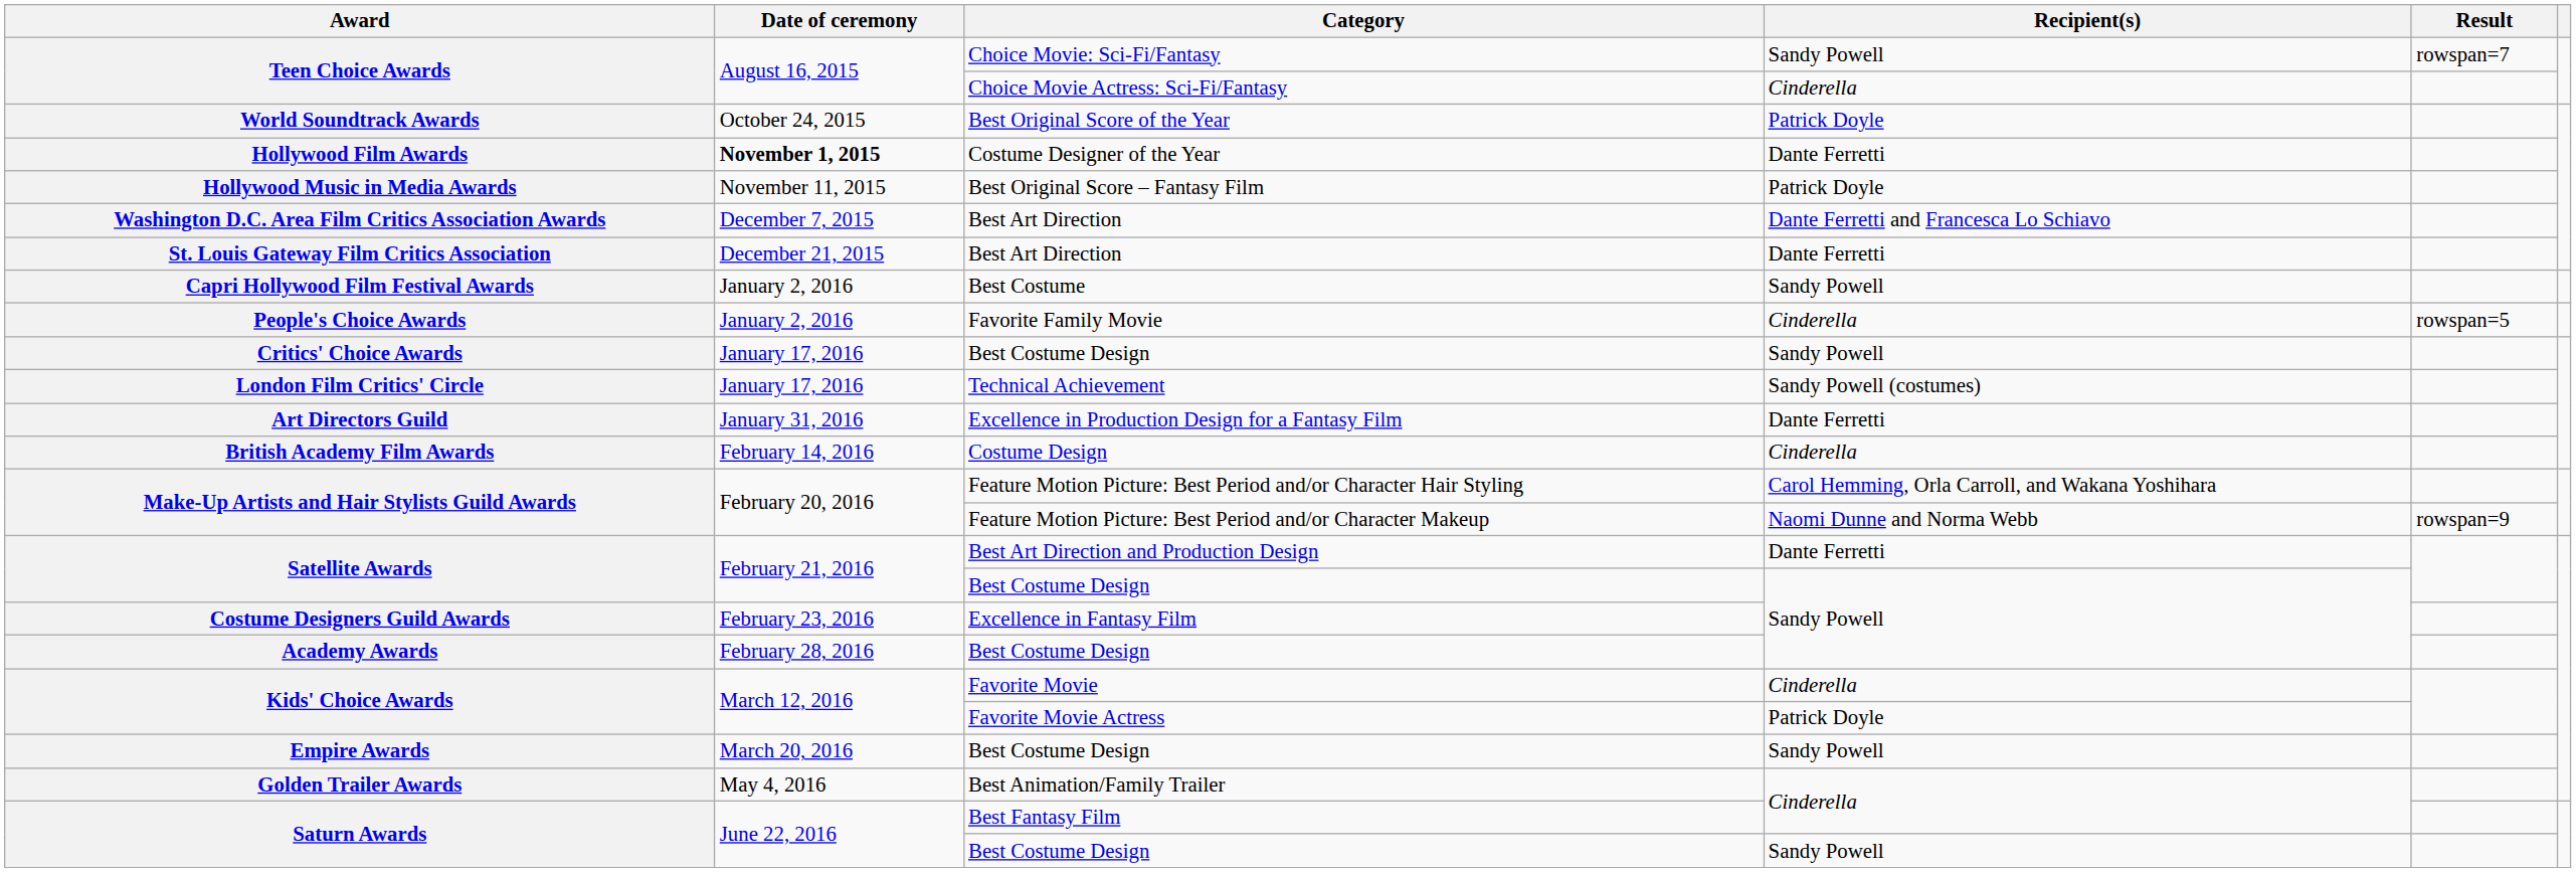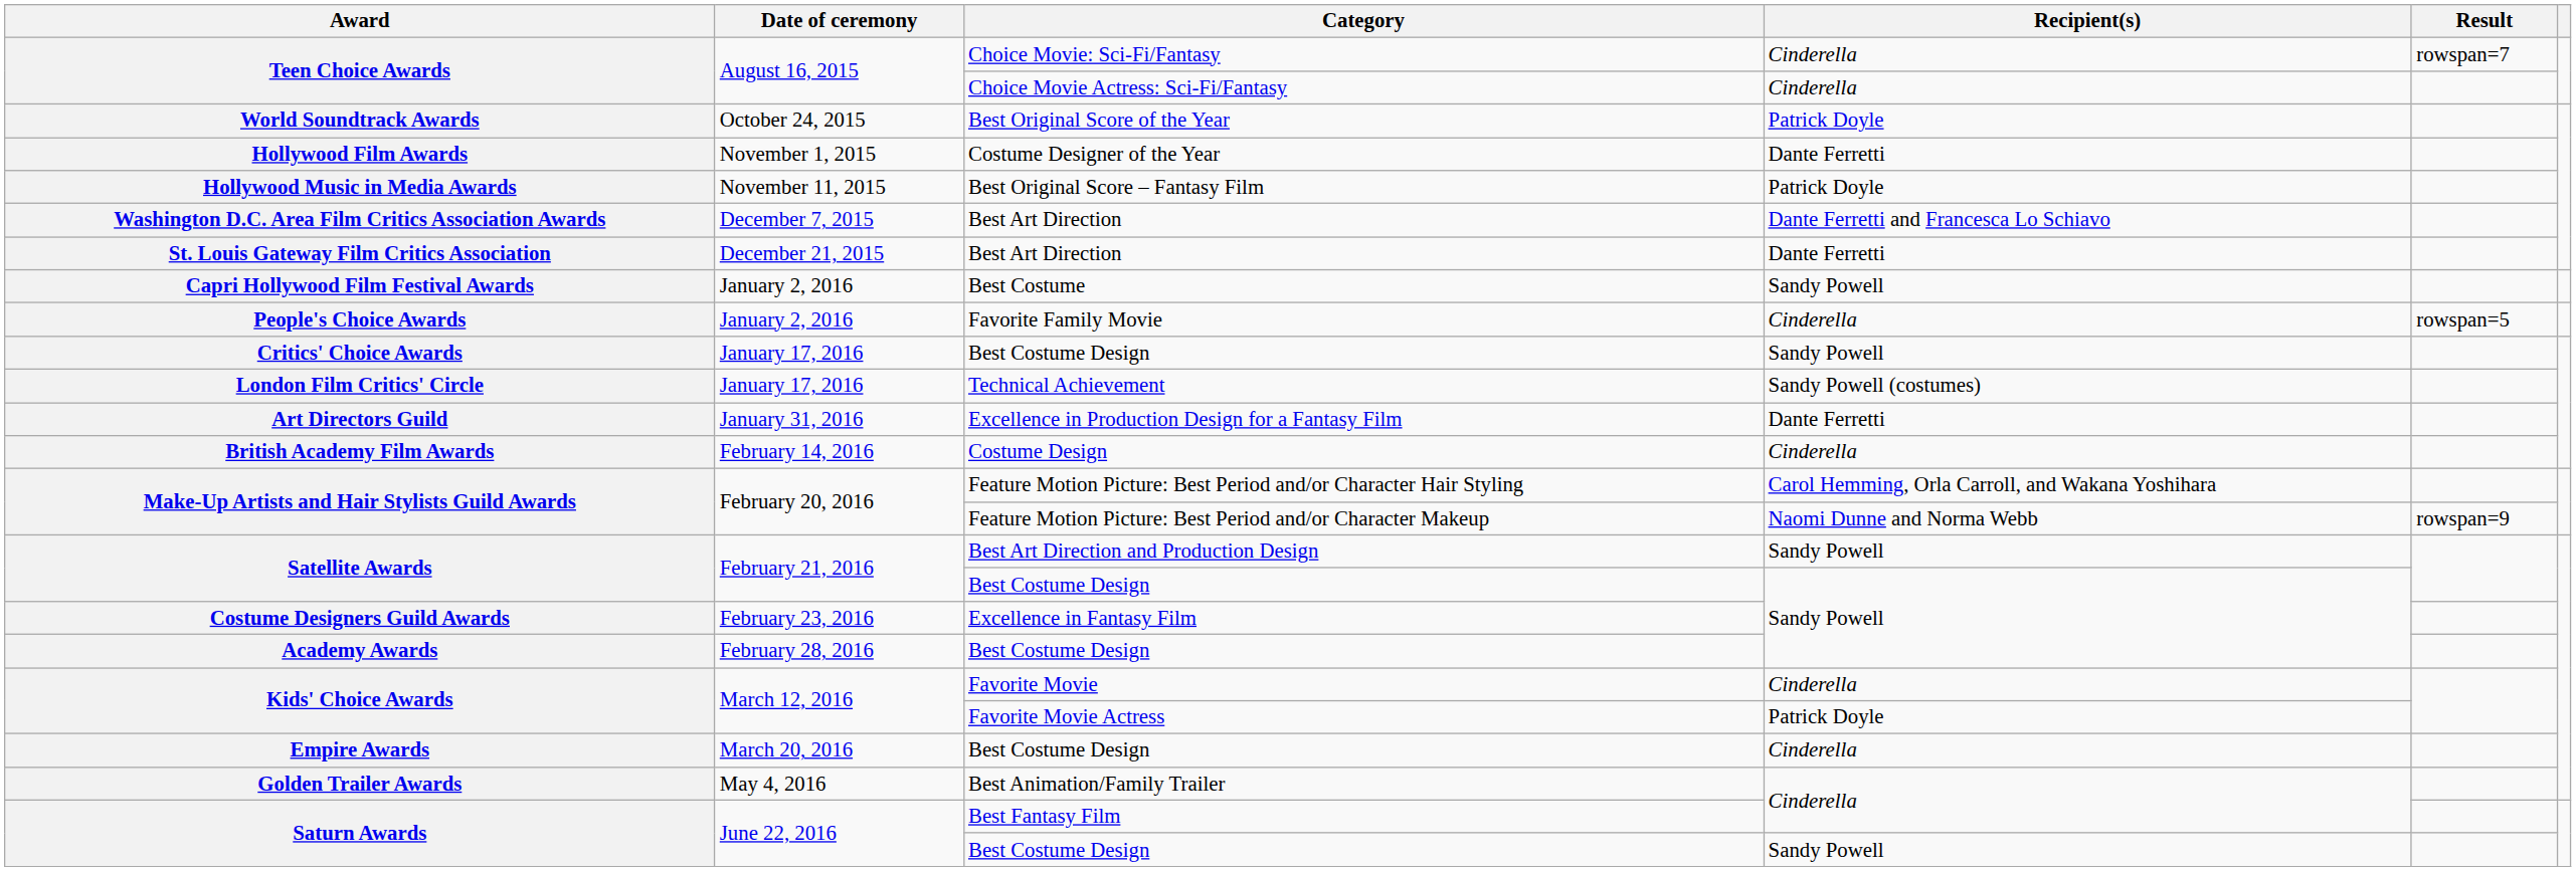 <table class="wikitable sortable plainrowheaders" width="99%">
 <tr>
 <th scope="col">Award</th>
 <th scope="col">Date of ceremony</th>
 <th scope="col">Category</th>
 <th scope="col">Recipient(s)</th>
 <th scope="col">Result</th>
 <th scope="col" class="unsortable"></th>
 </tr>
 <tr>
 <th scope="row" rowspan=2><a href='#'>Teen Choice Awards</a></th>
 <td rowspan=2><a href='#'>August 16, 2015</a></td>
 <td><a href='#'>Choice Movie: Sci-Fi/Fantasy</a></td>
-<td>Sandy Powell</td>
+<td><em>Cinderella</em></td>
 <td>rowspan=7 </td>
 <td rowspan=2 style="text-align:center;"></td>
 </tr>
 <tr>
 <td><a href='#'>Choice Movie Actress: Sci-Fi/Fantasy</a></td>
 <td><em>Cinderella</em></td>
 </tr>
 <tr>
 <th scope="row"><a href='#'>World Soundtrack Awards</a></th>
 <td>October 24, 2015</td>
 <td><a href='#'>Best Original Score of the Year</a></td>
 <td><a href='#'>Patrick Doyle</a></td>
 <td style="text-align:center;"></td>
 </tr>
 <tr>
 <th scope="row"><a href='#'>Hollywood Film Awards</a></th>
-<td><strong>November 1, 2015</strong></td>
+<td>November 1, 2015</td>
 <td>Costume Designer of the Year</td>
 <td>Dante Ferretti</td>
 <td style="text-align:center;"></td>
 </tr>
 <tr>
 <th scope="row"><a href='#'>Hollywood Music in Media Awards</a></th>
 <td>November 11, 2015</td>
 <td>Best Original Score – Fantasy Film</td>
 <td>Patrick Doyle</td>
 <td style="text-align:center;"></td>
 </tr>
 <tr>
 <th scope="row"><a href='#'>Washington D.C. Area Film Critics Association Awards</a></th>
 <td><a href='#'>December 7, 2015</a></td>
 <td>Best Art Direction</td>
 <td><a href='#'>Dante Ferretti</a> and <a href='#'>Francesca Lo Schiavo</a></td>
 <td style="text-align:center;"></td>
 </tr>
 <tr>
 <th scope="row"><a href='#'>St. Louis Gateway Film Critics Association</a></th>
 <td><a href='#'>December 21, 2015</a></td>
 <td>Best Art Direction</td>
 <td>Dante Ferretti</td>
 <td style="text-align:center;"></td>
 </tr>
 <tr>
 <th scope="row"><a href='#'>Capri Hollywood Film Festival Awards</a></th>
 <td>January 2, 2016</td>
 <td>Best Costume</td>
 <td>Sandy Powell</td>
 <td></td>
 <td style="text-align:center;"></td>
 </tr>
 <tr>
 <th scope="row"><a href='#'>People's Choice Awards</a></th>
 <td><a href='#'>January 2, 2016</a></td>
 <td>Favorite Family Movie</td>
 <td><em>Cinderella</em></td>
 <td>rowspan=5 </td>
 <td style="text-align:center;"></td>
 </tr>
 <tr>
 <th scope="row"><a href='#'>Critics' Choice Awards</a></th>
 <td><a href='#'>January 17, 2016</a></td>
 <td>Best Costume Design</td>
 <td>Sandy Powell</td>
 <td style="text-align:center;"></td>
 </tr>
 <tr>
 <th scope="row"><a href='#'>London Film Critics' Circle</a></th>
 <td><a href='#'>January 17, 2016</a></td>
 <td><a href='#'>Technical Achievement</a></td>
 <td>Sandy Powell (costumes)</td>
 <td style="text-align:center;"></td>
 </tr>
 <tr>
 <th scope="row"><a href='#'>Art Directors Guild</a></th>
 <td><a href='#'>January 31, 2016</a></td>
 <td><a href='#'>Excellence in Production Design for a Fantasy Film</a></td>
 <td>Dante Ferretti</td>
 <td style="text-align:center;"></td>
 </tr>
 <tr>
 <th scope="row"><a href='#'>British Academy Film Awards</a></th>
 <td><a href='#'>February 14, 2016</a></td>
 <td><a href='#'>Costume Design</a></td>
 <td><em>Cinderella</em></td>
 <td style="text-align:center;"></td>
 </tr>
 <tr>
 <th scope="row" rowspan=2><a href='#'>Make-Up Artists and Hair Stylists Guild Awards</a></th>
 <td rowspan=2>February 20, 2016</td>
 <td>Feature Motion Picture: Best Period and/or Character Hair Styling</td>
 <td><a href='#'>Carol Hemming</a>, Orla Carroll, and Wakana Yoshihara</td>
 <td></td>
 <td rowspan=2 style="text-align:center;"></td>
 </tr>
 <tr>
 <td>Feature Motion Picture: Best Period and/or Character Makeup</td>
 <td><a href='#'>Naomi Dunne</a> and Norma Webb</td>
 <td>rowspan=9 </td>
 </tr>
 <tr>
 <th scope="row" rowspan=2><a href='#'>Satellite Awards</a></th>
 <td rowspan=2><a href='#'>February 21, 2016</a></td>
 <td><a href='#'>Best Art Direction and Production Design</a></td>
-<td>Dante Ferretti</td>
+<td>Sandy Powell</td>
 <td rowspan=2 style="text-align:center;"></td>
 </tr>
 <tr>
 <td><a href='#'>Best Costume Design</a></td>
 <td rowspan=3>Sandy Powell</td>
 </tr>
 <tr>
 <th scope="row"><a href='#'>Costume Designers Guild Awards</a></th>
 <td><a href='#'>February 23, 2016</a></td>
 <td><a href='#'>Excellence in Fantasy Film</a></td>
 <td style="text-align:center;"></td>
 </tr>
 <tr>
 <th scope="row"><a href='#'>Academy Awards</a></th>
 <td><a href='#'>February 28, 2016</a></td>
 <td><a href='#'>Best Costume Design</a></td>
 <td style="text-align:center;"></td>
 </tr>
 <tr>
 <th scope="row" rowspan=2><a href='#'>Kids' Choice Awards</a></th>
 <td rowspan=2><a href='#'>March 12, 2016</a></td>
 <td><a href='#'>Favorite Movie</a></td>
 <td><em>Cinderella</em></td>
 <td rowspan=2 style="text-align:center;"></td>
 </tr>
 <tr>
 <td><a href='#'>Favorite Movie Actress</a></td>
 <td>Patrick Doyle</td>
 </tr>
 <tr>
 <th scope="row"><a href='#'>Empire Awards</a></th>
 <td><a href='#'>March 20, 2016</a></td>
 <td>Best Costume Design</td>
-<td>Sandy Powell</td>
+<td><em>Cinderella</em></td>
 <td style="text-align:center;"></td>
 </tr>
 <tr>
 <th scope="row"><a href='#'>Golden Trailer Awards</a></th>
 <td>May 4, 2016</td>
 <td>Best Animation/Family Trailer</td>
 <td rowspan=2><em>Cinderella</em></td>
 <td style="text-align:center;"></td>
 </tr>
 <tr>
 <th scope="row" rowspan=2><a href='#'>Saturn Awards</a></th>
 <td rowspan=2><a href='#'>June 22, 2016</a></td>
 <td><a href='#'>Best Fantasy Film</a></td>
 <td></td>
 <td rowspan=2 style="text-align:center;"><br></td>
 </tr>
 <tr>
 <td><a href='#'>Best Costume Design</a></td>
 <td>Sandy Powell</td>
 <td></td>
 </tr>
 <tr>
 </tr>
 </table>
